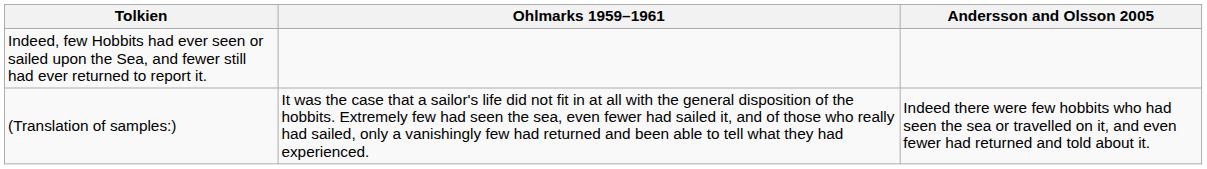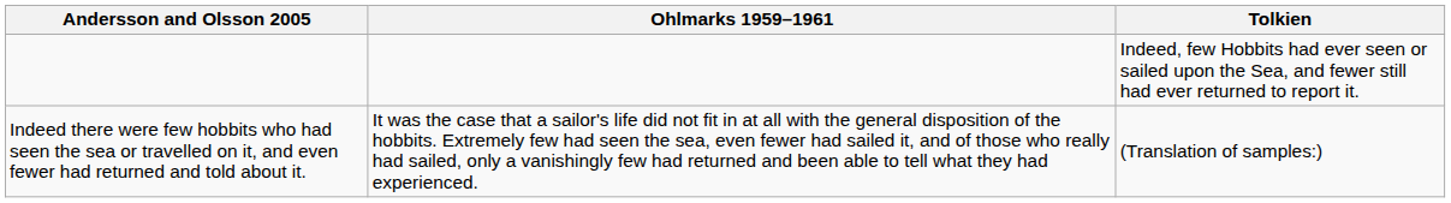 <table class="wikitable">
 <tr>
+<th>Andersson and Olsson 2005</th>
+<th>Ohlmarks 1959–1961</th>
 <th>Tolkien</th>
-<th>Ohlmarks 1959–1961</th>
-<th>Andersson and Olsson 2005</th>
 </tr>
 <tr>
-<td>Indeed, few Hobbits had ever seen or sailed upon the Sea, and fewer still had ever returned to report it.</td>
 <td></td>
 <td></td>
+<td>Indeed, few Hobbits had ever seen or sailed upon the Sea, and fewer still had ever returned to report it.</td>
 </tr>
 <tr>
+<td>Indeed there were few hobbits who had seen the sea or travelled on it, and even fewer had returned and told about it.</td>
+<td>It was the case that a sailor's life did not fit in at all with the general disposition of the hobbits. Extremely few had seen the sea, even fewer had sailed it, and of those who really had sailed, only a vanishingly few had returned and been able to tell what they had experienced.</td>
 <td>(Translation of samples:)</td>
-<td>It was the case that a sailor's life did not fit in at all with the general disposition of the hobbits. Extremely few had seen the sea, even fewer had sailed it, and of those who really had sailed, only a vanishingly few had returned and been able to tell what they had experienced.</td>
-<td>Indeed there were few hobbits who had seen the sea or travelled on it, and even fewer had returned and told about it.</td>
 </tr>
 </table>
